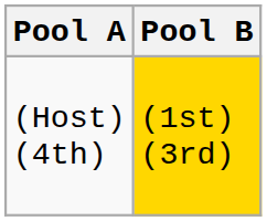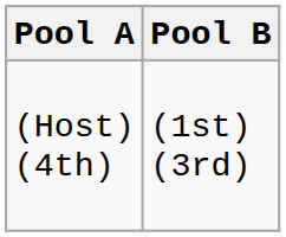 <table class="wikitable">
 <tr>
 <th width=50%>Pool A</th>
 <th width=50%>Pool B</th>
 </tr>
 <tr>
 <td><br> (Host)<br>  (4th)<br> <br> </td>
-<td style="background: gold;"><br> (1st)<br>  (3rd)<br> <br> </td>
+<td><br> (1st)<br>  (3rd)<br> <br> </td>
 </tr>
 </table>
